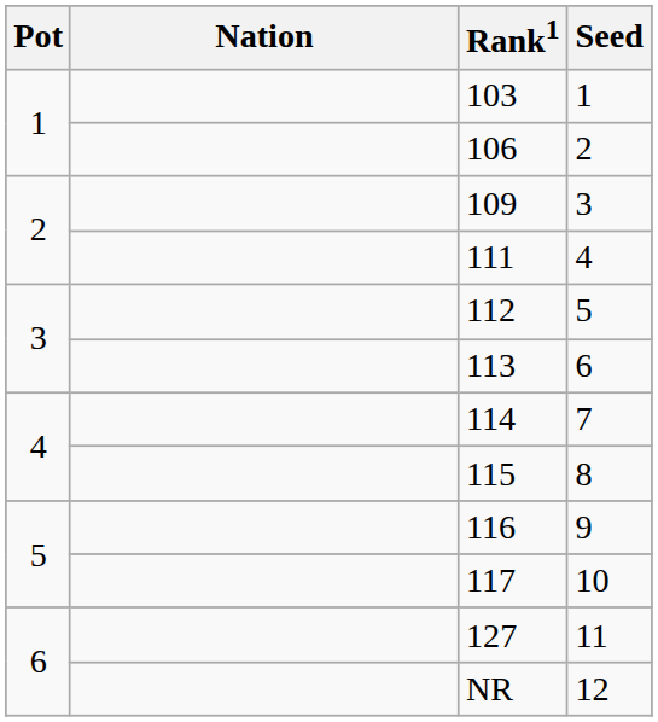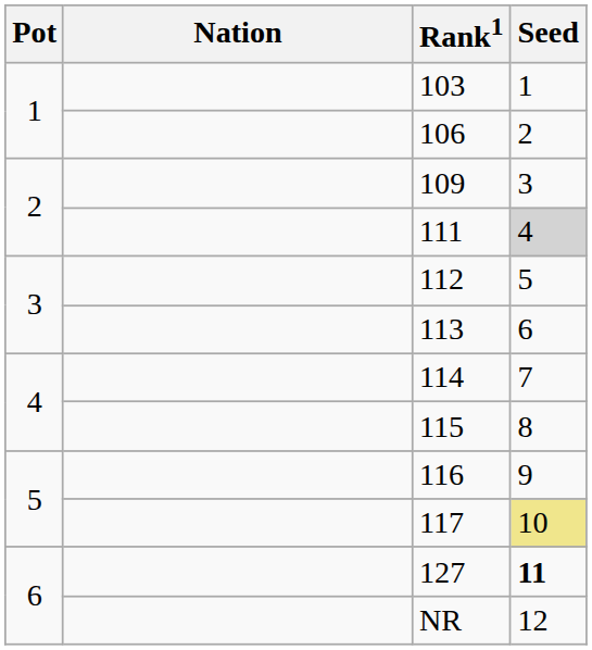 <table class="wikitable">
 <tr>
 <th>Pot</th>
 <th width="175">Nation</th>
 <th>Rank<sup>1</sup></th>
 <th>Seed</th>
 </tr>
 <tr>
 <td rowspan=2 style="text-align:center;">1</td>
 <td></td>
 <td>103</td>
 <td>1</td>
 </tr>
 <tr>
 <td></td>
 <td>106</td>
 <td>2</td>
 </tr>
 <tr>
 <td rowspan=2 style="text-align:center;">2</td>
 <td></td>
 <td>109</td>
 <td>3</td>
 </tr>
 <tr>
 <td></td>
 <td>111</td>
-<td>4</td>
+<td style="background: lightgrey;">4</td>
 </tr>
 <tr>
 <td rowspan=2 style="text-align:center;">3</td>
 <td></td>
 <td>112</td>
 <td>5</td>
 </tr>
 <tr>
 <td></td>
 <td>113</td>
 <td>6</td>
 </tr>
 <tr>
 <td rowspan=2 style="text-align:center;">4</td>
 <td></td>
 <td>114</td>
 <td>7</td>
 </tr>
 <tr>
 <td></td>
 <td>115</td>
 <td>8</td>
 </tr>
 <tr>
 <td rowspan=2 style="text-align:center;">5</td>
 <td></td>
 <td>116</td>
 <td>9</td>
 </tr>
 <tr>
 <td></td>
 <td>117</td>
-<td>10</td>
+<td style="background: khaki;">10</td>
 </tr>
 <tr>
 <td rowspan=2 style="text-align:center;">6</td>
 <td></td>
 <td>127</td>
-<td>11</td>
+<td><strong>11</strong></td>
 </tr>
 <tr>
 <td></td>
 <td>NR</td>
 <td>12</td>
 </tr>
 </table>
